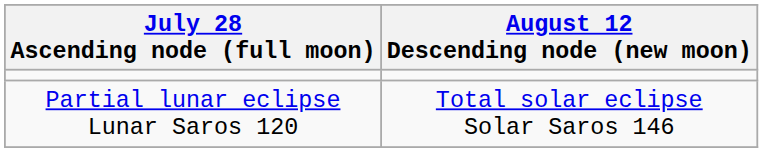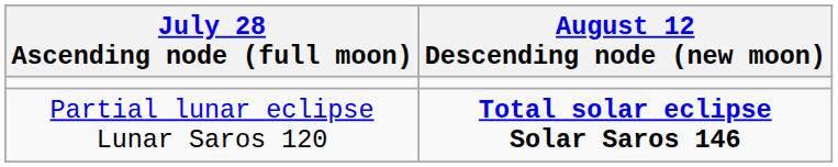 <table class="wikitable">
 <tr>
 <th><a href='#'>July 28</a><br>Ascending node (full moon)<br></th>
 <th><a href='#'>August 12</a><br>Descending node (new moon)<br></th>
 </tr>
 <tr>
 <td></td>
 <td></td>
 </tr>
 <tr align=center>
 <td><a href='#'>Partial lunar eclipse</a><br>Lunar Saros 120</td>
-<td><a href='#'>Total solar eclipse</a><br>Solar Saros 146</td>
+<td><strong><a href='#'>Total solar eclipse</a><br>Solar Saros 146</strong></td>
 </tr>
 </table>
